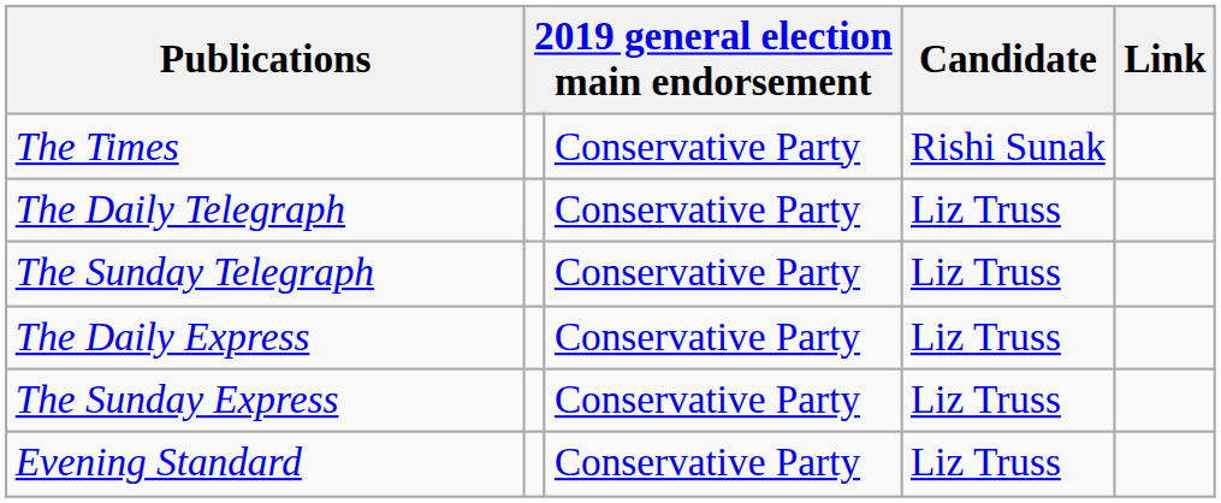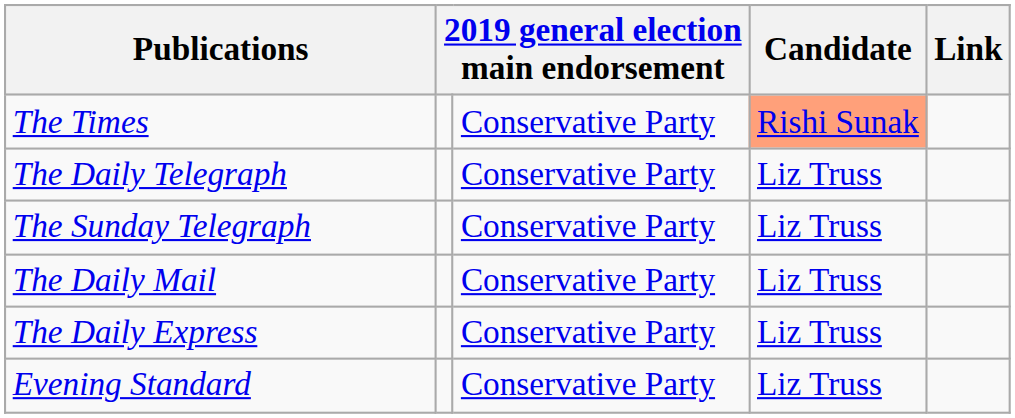 <table class="wikitable">
 <tr>
 <th style="width:200px;">Publications</th>
 <th colspan=2><a href='#'>2019 general election</a><br>main endorsement</th>
 <th>Candidate</th>
 <th>Link</th>
 </tr>
 <tr>
 <td><em><a href='#'>The Times</a></em></td>
 <td style="background-color: "></td>
 <td><a href='#'>Conservative Party</a></td>
-<td><a href='#'>Rishi Sunak</a></td>
+<td style="background: lightsalmon;"><a href='#'>Rishi Sunak</a></td>
 <td></td>
 </tr>
 <tr>
 <td><em><a href='#'>The Daily Telegraph</a></em></td>
 <td style="background-color: "></td>
 <td><a href='#'>Conservative Party</a></td>
 <td><a href='#'>Liz Truss</a></td>
 <td></td>
 </tr>
 <tr>
 <td><em><a href='#'>The Sunday Telegraph</a></em></td>
 <td style="background-color: "></td>
 <td><a href='#'>Conservative Party</a></td>
 <td><a href='#'>Liz Truss</a></td>
 <td></td>
 </tr>
 <tr>
-<td><em><a href='#'>The Daily Express</a></em></td>
+<td><em><a href='#'>The Daily Mail</a></em></td>
 <td style="background-color: "></td>
 <td><a href='#'>Conservative Party</a></td>
 <td><a href='#'>Liz Truss</a></td>
 <td></td>
 </tr>
 <tr>
-<td><em><a href='#'>The Sunday Express</a></em></td>
+<td><em><a href='#'>The Daily Express</a></em></td>
 <td style="background-color: "></td>
 <td><a href='#'>Conservative Party</a></td>
 <td><a href='#'>Liz Truss</a></td>
 <td></td>
 </tr>
 <tr>
 <td><em><a href='#'>Evening Standard</a></em></td>
 <td style="background-color: "></td>
 <td><a href='#'>Conservative Party</a></td>
 <td><a href='#'>Liz Truss</a></td>
 <td></td>
 </tr>
 </table>
